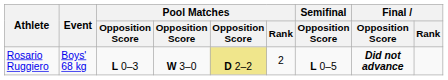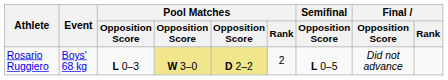 <table class="wikitable" style="font-size:90%">
 <tr>
 <th rowspan=2>Athlete</th>
 <th rowspan=2>Event</th>
 <th colspan=4>Pool Matches</th>
 <th>Semifinal</th>
 <th colspan=2>Final / </th>
 </tr>
 <tr style="font-size:95%">
 <th>Opposition<br>Score</th>
 <th>Opposition<br>Score</th>
 <th>Opposition<br>Score</th>
 <th>Rank</th>
 <th>Opposition<br>Score</th>
 <th>Opposition<br>Score</th>
 <th>Rank</th>
 </tr>
 <tr align=center>
 <td align=left><a href='#'>Rosario Ruggiero</a></td>
 <td align=left><a href='#'>Boys' 68 kg</a></td>
 <td><br><strong>L</strong> 0–3</td>
-<td><br><strong>W</strong> 3–0</td>
+<td style="background: khaki;"><br><strong>W</strong> 3–0</td>
 <td style="background: khaki;"><br><strong>D</strong> 2–2</td>
 <td>2</td>
 <td><br><strong>L</strong> 0–5</td>
-<td><strong><em>Did not advance</em></strong></td>
+<td><em>Did not advance</em></td>
 <td></td>
 </tr>
 </table>
